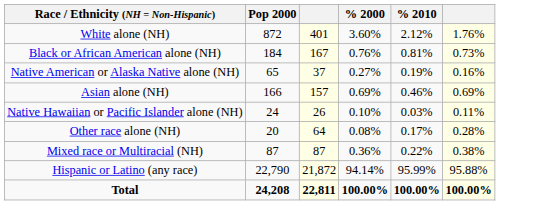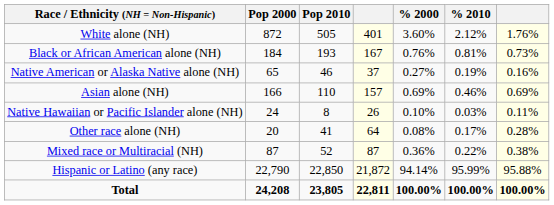 <table class="wikitable" style="text-align:center;">
 <tr>
 <th>Race / Ethnicity <small>(<em>NH = Non-Hispanic</em>)</small></th>
 <th>Pop 2000</th>
+<th>Pop 2010</th>
 <th></th>
 <th>% 2000</th>
 <th>% 2010</th>
 <th></th>
 </tr>
 <tr>
 <td><a href='#'>White</a> alone (NH)</td>
 <td>872</td>
+<td>505</td>
 <td style='background: #ffffe6;'>401</td>
 <td>3.60%</td>
 <td>2.12%</td>
 <td style='background: #ffffe6;'>1.76%</td>
 </tr>
 <tr>
 <td><a href='#'>Black or African American</a> alone (NH)</td>
 <td>184</td>
+<td>193</td>
 <td style='background: #ffffe6;'>167</td>
 <td>0.76%</td>
 <td>0.81%</td>
 <td style='background: #ffffe6;'>0.73%</td>
 </tr>
 <tr>
 <td><a href='#'>Native American</a> or <a href='#'>Alaska Native</a> alone (NH)</td>
 <td>65</td>
+<td>46</td>
 <td style='background: #ffffe6;'>37</td>
 <td>0.27%</td>
 <td>0.19%</td>
 <td style='background: #ffffe6;'>0.16%</td>
 </tr>
 <tr>
 <td><a href='#'>Asian</a> alone (NH)</td>
 <td>166</td>
+<td>110</td>
 <td style='background: #ffffe6;'>157</td>
 <td>0.69%</td>
 <td>0.46%</td>
 <td style='background: #ffffe6;'>0.69%</td>
 </tr>
 <tr>
 <td><a href='#'>Native Hawaiian</a> or <a href='#'>Pacific Islander</a> alone (NH)</td>
 <td>24</td>
+<td>8</td>
 <td style='background: #ffffe6;'>26</td>
 <td>0.10%</td>
 <td>0.03%</td>
 <td style='background: #ffffe6;'>0.11%</td>
 </tr>
 <tr>
 <td><a href='#'>Other race</a> alone (NH)</td>
 <td>20</td>
+<td>41</td>
 <td style='background: #ffffe6;'>64</td>
 <td>0.08%</td>
 <td>0.17%</td>
 <td style='background: #ffffe6;'>0.28%</td>
 </tr>
 <tr>
 <td><a href='#'>Mixed race or Multiracial</a> (NH)</td>
 <td>87</td>
+<td>52</td>
 <td style='background: #ffffe6;'>87</td>
 <td>0.36%</td>
 <td>0.22%</td>
 <td style='background: #ffffe6;'>0.38%</td>
 </tr>
 <tr>
 <td><a href='#'>Hispanic or Latino</a> (any race)</td>
 <td>22,790</td>
+<td>22,850</td>
 <td style='background: #ffffe6;'>21,872</td>
 <td>94.14%</td>
 <td>95.99%</td>
 <td style='background: #ffffe6;'>95.88%</td>
 </tr>
 <tr>
 <td><strong>Total</strong></td>
 <td><strong>24,208</strong></td>
+<td><strong>23,805</strong></td>
 <td style='background: #ffffe6;'><strong>22,811</strong></td>
 <td><strong>100.00%</strong></td>
 <td><strong>100.00%</strong></td>
 <td style='background: #ffffe6;'><strong>100.00%</strong></td>
 </tr>
 </table>
